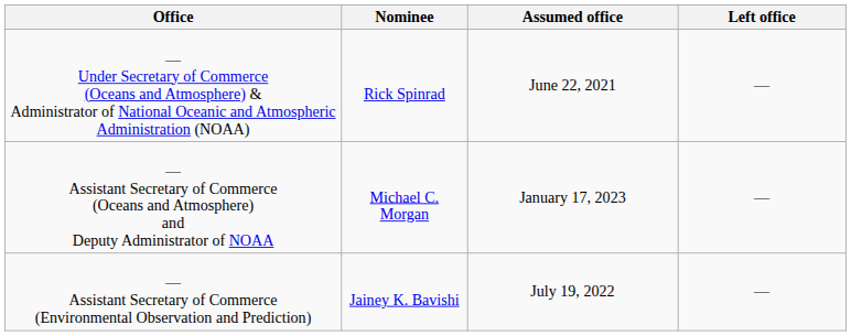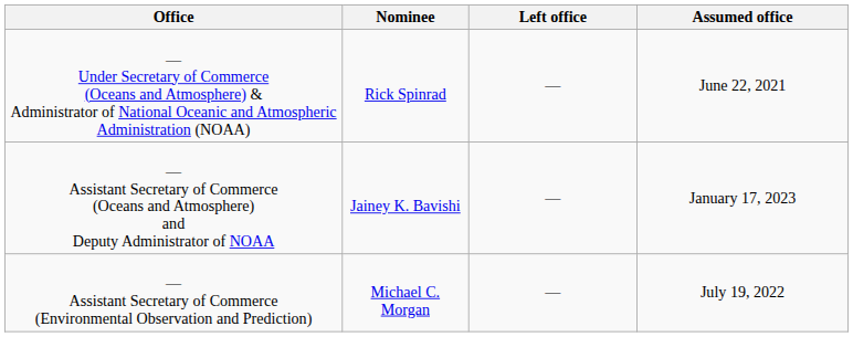 <table class="wikitable sortable" style="text-align:center">
 <tr>
 <th style="width:40%;">Office</th>
 <th style="width:15%;">Nominee</th>
+<th style="width:20%;" data-sort-type="date">Left office</th>
 <th style="width:25%;" data-sort-type="date">Assumed office</th>
-<th style="width:20%;" data-sort-type="date">Left office</th>
 </tr>
 <tr>
 <td><br>—<br><a href='#'>Under Secretary of Commerce<br>(Oceans and Atmosphere)</a> &<br>Administrator of <a href='#'>National Oceanic and Atmospheric Administration</a> (NOAA)</td>
 <td><br><a href='#'>Rick Spinrad</a></td>
+<td>—</td>
 <td data-sort-value="June 22, 2021">June 22, 2021<br></td>
-<td>—</td>
 </tr>
 <tr>
 <td><br>—<br>Assistant Secretary of Commerce<br>(Oceans and Atmosphere)<br>and<br>Deputy Administrator of <a href='#'>NOAA</a></td>
-<td><br><a href='#'>Michael C. Morgan</a></td>
+<td><br><a href='#'>Jainey K. Bavishi</a></td>
+<td>—</td>
 <td data-sort-value="January 17, 2023">January 17, 2023<br></td>
-<td>—</td>
 </tr>
 <tr>
 <td><br>—<br>Assistant Secretary of Commerce<br>(Environmental Observation and Prediction)</td>
-<td><br><a href='#'>Jainey K. Bavishi</a></td>
+<td><br><a href='#'>Michael C. Morgan</a></td>
+<td>—</td>
 <td data-sort-value="July 19, 2022">July 19, 2022<br></td>
-<td>—</td>
 </tr>
 </table>
